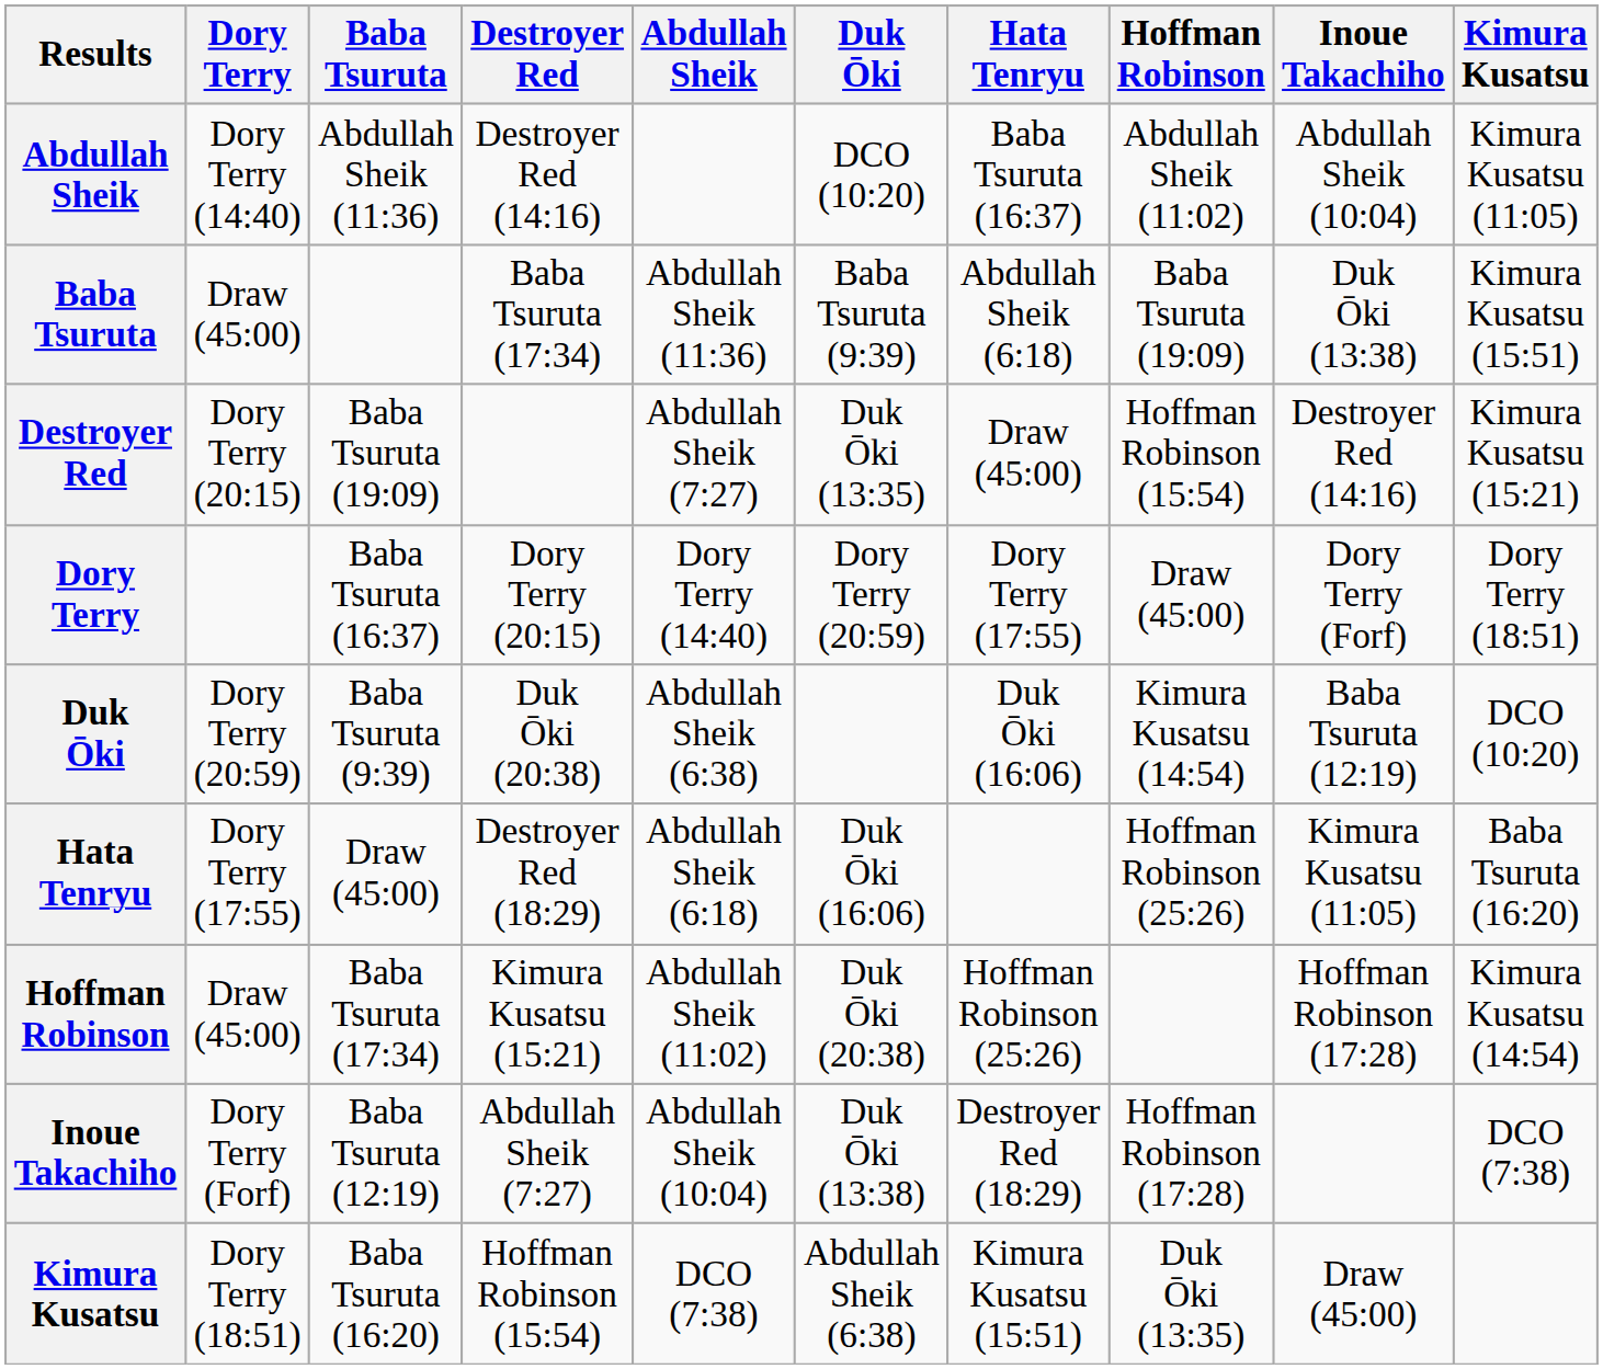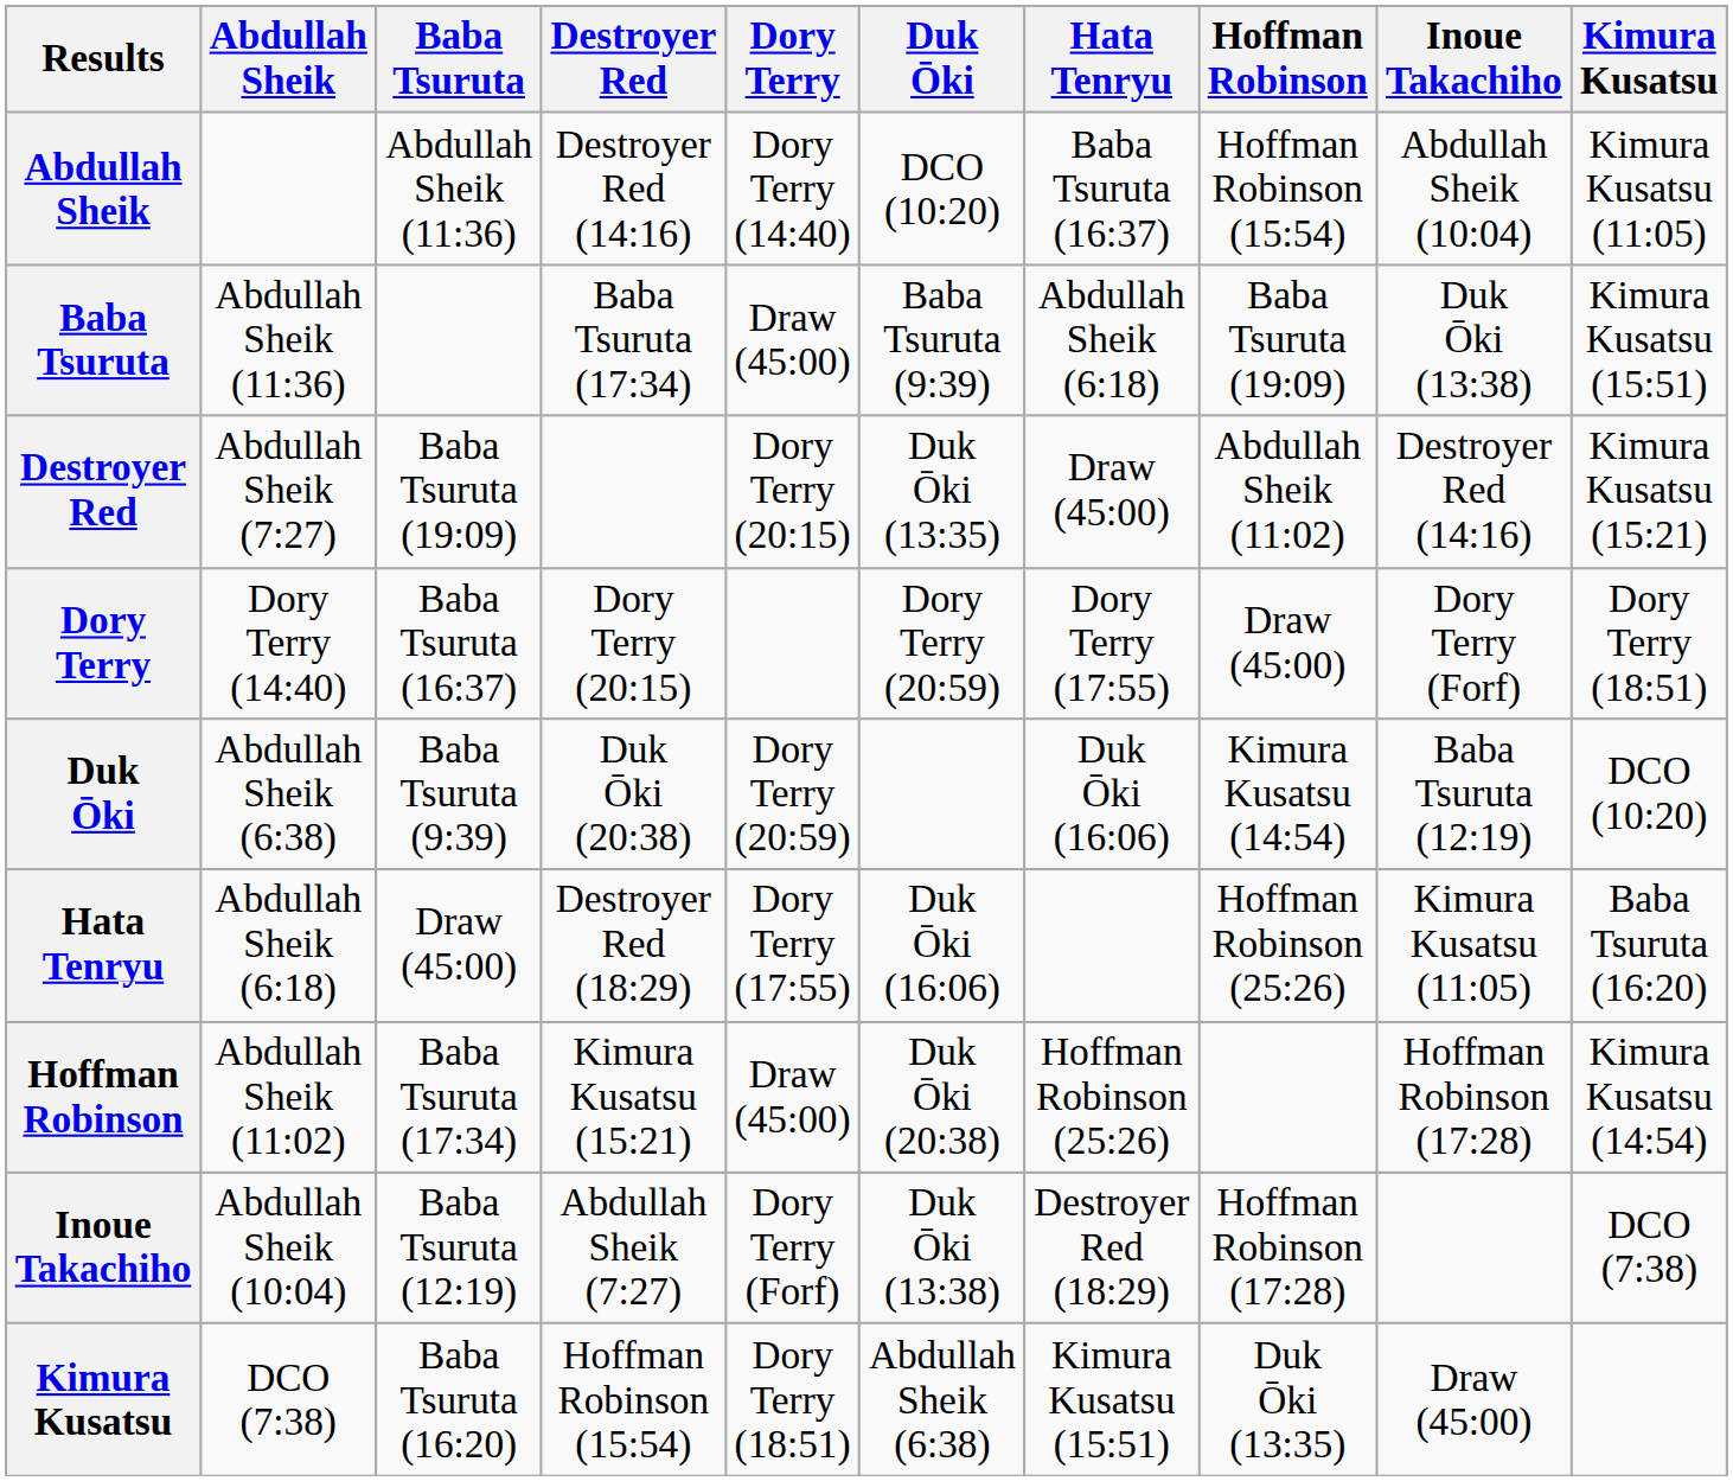 <table class="wikitable" style="text-align:center; margin: 1em auto 1em auto">
 <tr>
 <th>Results</th>
-<th><a href='#'>Dory</a><br><a href='#'>Terry</a></th>
+<th><a href='#'>Abdullah</a><br><a href='#'>Sheik</a></th>
 <th><a href='#'>Baba</a><br><a href='#'>Tsuruta</a></th>
 <th><a href='#'>Destroyer</a><br><a href='#'>Red</a></th>
-<th><a href='#'>Abdullah</a><br><a href='#'>Sheik</a></th>
+<th><a href='#'>Dory</a><br><a href='#'>Terry</a></th>
 <th><a href='#'>Duk</a><br><a href='#'>Ōki</a></th>
 <th><a href='#'>Hata</a><br><a href='#'>Tenryu</a></th>
 <th>Hoffman<br><a href='#'>Robinson</a></th>
 <th>Inoue<br><a href='#'>Takachiho</a></th>
 <th><a href='#'>Kimura</a><br>Kusatsu</th>
 </tr>
 <tr>
 <th><a href='#'>Abdullah</a><br><a href='#'>Sheik</a></th>
-<td>Dory<br>Terry<br>(14:40)</td>
+<td></td>
 <td>Abdullah<br>Sheik<br>(11:36)</td>
 <td>Destroyer<br>Red<br>(14:16)</td>
-<td></td>
+<td>Dory<br>Terry<br>(14:40)</td>
 <td>DCO<br>(10:20)</td>
 <td>Baba<br>Tsuruta<br>(16:37)</td>
-<td>Abdullah<br>Sheik<br>(11:02)</td>
+<td>Hoffman<br>Robinson<br>(15:54)</td>
 <td>Abdullah<br>Sheik<br>(10:04)</td>
 <td>Kimura<br>Kusatsu<br>(11:05)</td>
 </tr>
 <tr>
 <th><a href='#'>Baba</a><br><a href='#'>Tsuruta</a></th>
-<td>Draw<br>(45:00)</td>
+<td>Abdullah<br>Sheik<br>(11:36)</td>
 <td></td>
 <td>Baba<br>Tsuruta<br>(17:34)</td>
-<td>Abdullah<br>Sheik<br>(11:36)</td>
+<td>Draw<br>(45:00)</td>
 <td>Baba<br>Tsuruta<br>(9:39)</td>
 <td>Abdullah<br>Sheik<br>(6:18)</td>
 <td>Baba<br>Tsuruta<br>(19:09)</td>
 <td>Duk<br>Ōki<br>(13:38)</td>
 <td>Kimura<br>Kusatsu<br>(15:51)</td>
 </tr>
 <tr>
 <th><a href='#'>Destroyer</a><br><a href='#'>Red</a></th>
-<td>Dory<br>Terry<br>(20:15)</td>
+<td>Abdullah<br>Sheik<br>(7:27)</td>
 <td>Baba<br>Tsuruta<br>(19:09)</td>
 <td></td>
-<td>Abdullah<br>Sheik<br>(7:27)</td>
+<td>Dory<br>Terry<br>(20:15)</td>
 <td>Duk<br>Ōki<br>(13:35)</td>
 <td>Draw<br>(45:00)</td>
-<td>Hoffman<br>Robinson<br>(15:54)</td>
+<td>Abdullah<br>Sheik<br>(11:02)</td>
 <td>Destroyer<br>Red<br>(14:16)</td>
 <td>Kimura<br>Kusatsu<br>(15:21)</td>
 </tr>
 <tr>
 <th><a href='#'>Dory</a><br><a href='#'>Terry</a></th>
-<td></td>
+<td>Dory<br>Terry<br>(14:40)</td>
 <td>Baba<br>Tsuruta<br>(16:37)</td>
 <td>Dory<br>Terry<br>(20:15)</td>
-<td>Dory<br>Terry<br>(14:40)</td>
+<td></td>
 <td>Dory<br>Terry<br>(20:59)</td>
 <td>Dory<br>Terry<br>(17:55)</td>
 <td>Draw<br>(45:00)</td>
 <td>Dory<br>Terry<br>(Forf)</td>
 <td>Dory<br>Terry<br>(18:51)</td>
 </tr>
 <tr>
 <th>Duk<br><a href='#'>Ōki</a></th>
-<td>Dory<br>Terry<br>(20:59)</td>
+<td>Abdullah<br>Sheik<br>(6:38)</td>
 <td>Baba<br>Tsuruta<br>(9:39)</td>
 <td>Duk<br>Ōki<br>(20:38)</td>
-<td>Abdullah<br>Sheik<br>(6:38)</td>
+<td>Dory<br>Terry<br>(20:59)</td>
 <td></td>
 <td>Duk<br>Ōki<br>(16:06)</td>
 <td>Kimura<br>Kusatsu<br>(14:54)</td>
 <td>Baba<br>Tsuruta<br>(12:19)</td>
 <td>DCO<br>(10:20)</td>
 </tr>
 <tr>
 <th>Hata<br><a href='#'>Tenryu</a></th>
-<td>Dory<br>Terry<br>(17:55)</td>
+<td>Abdullah<br>Sheik<br>(6:18)</td>
 <td>Draw<br>(45:00)</td>
 <td>Destroyer<br>Red<br>(18:29)</td>
-<td>Abdullah<br>Sheik<br>(6:18)</td>
+<td>Dory<br>Terry<br>(17:55)</td>
 <td>Duk<br>Ōki<br>(16:06)</td>
 <td></td>
 <td>Hoffman<br>Robinson<br>(25:26)</td>
 <td>Kimura<br>Kusatsu<br>(11:05)</td>
 <td>Baba<br>Tsuruta<br>(16:20)</td>
 </tr>
 <tr>
 <th>Hoffman<br><a href='#'>Robinson</a></th>
-<td>Draw<br>(45:00)</td>
+<td>Abdullah<br>Sheik<br>(11:02)</td>
 <td>Baba<br>Tsuruta<br>(17:34)</td>
 <td>Kimura<br>Kusatsu<br>(15:21)</td>
-<td>Abdullah<br>Sheik<br>(11:02)</td>
+<td>Draw<br>(45:00)</td>
 <td>Duk<br>Ōki<br>(20:38)</td>
 <td>Hoffman<br>Robinson<br>(25:26)</td>
 <td></td>
 <td>Hoffman<br>Robinson<br>(17:28)</td>
 <td>Kimura<br>Kusatsu<br>(14:54)</td>
 </tr>
 <tr>
 <th>Inoue<br><a href='#'>Takachiho</a></th>
-<td>Dory<br>Terry<br>(Forf)</td>
+<td>Abdullah<br>Sheik<br>(10:04)</td>
 <td>Baba<br>Tsuruta<br>(12:19)</td>
 <td>Abdullah<br>Sheik<br>(7:27)</td>
-<td>Abdullah<br>Sheik<br>(10:04)</td>
+<td>Dory<br>Terry<br>(Forf)</td>
 <td>Duk<br>Ōki<br>(13:38)</td>
 <td>Destroyer<br>Red<br>(18:29)</td>
 <td>Hoffman<br>Robinson<br>(17:28)</td>
 <td></td>
 <td>DCO<br>(7:38)</td>
 </tr>
 <tr>
 <th><a href='#'>Kimura</a><br>Kusatsu</th>
-<td>Dory<br>Terry<br>(18:51)</td>
+<td>DCO<br>(7:38)</td>
 <td>Baba<br>Tsuruta<br>(16:20)</td>
 <td>Hoffman<br>Robinson<br>(15:54)</td>
-<td>DCO<br>(7:38)</td>
+<td>Dory<br>Terry<br>(18:51)</td>
 <td>Abdullah<br>Sheik<br>(6:38)</td>
 <td>Kimura<br>Kusatsu<br>(15:51)</td>
 <td>Duk<br>Ōki<br>(13:35)</td>
 <td>Draw<br>(45:00)</td>
 <td></td>
 </tr>
 </table>
